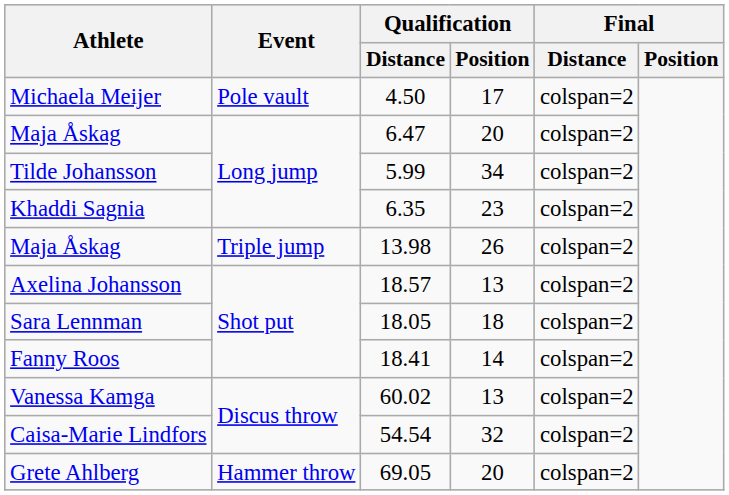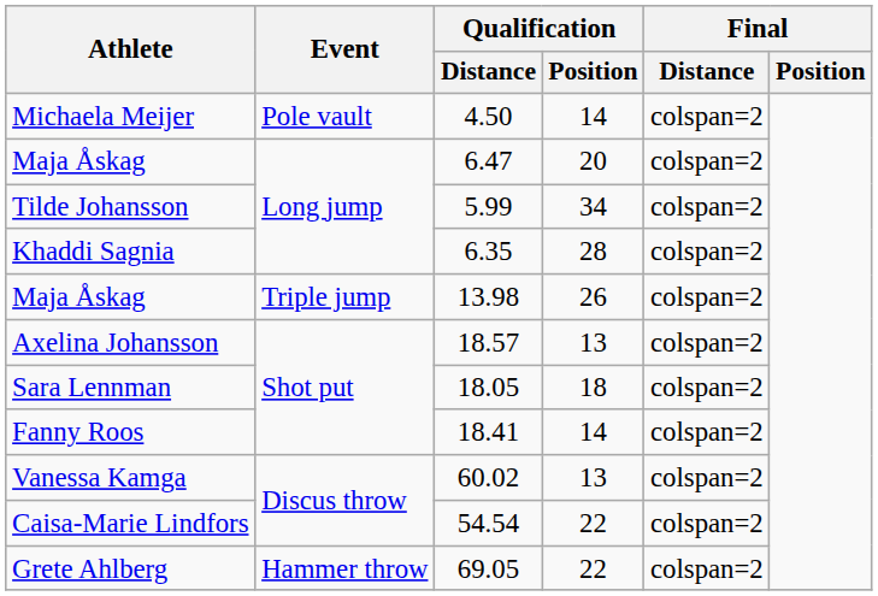 <table class="wikitable" style="font-size:90%">
 <tr>
 <th rowspan="2">Athlete</th>
 <th rowspan="2">Event</th>
 <th colspan="2">Qualification</th>
 <th colspan="2">Final</th>
 </tr>
 <tr style="font-size:95%">
 <th>Distance</th>
 <th>Position</th>
 <th>Distance</th>
 <th>Position</th>
 </tr>
 <tr align="center">
 <td align=left><a href='#'>Michaela Meijer</a></td>
 <td align=left><a href='#'>Pole vault</a></td>
 <td>4.50</td>
-<td>17</td>
+<td>14</td>
 <td>colspan=2 </td>
 </tr>
 <tr align="center">
 <td align=left><a href='#'>Maja Åskag</a></td>
 <td align=left rowspan=3><a href='#'>Long jump</a></td>
 <td>6.47</td>
 <td>20</td>
 <td>colspan=2 </td>
 </tr>
 <tr align="center">
 <td align=left><a href='#'>Tilde Johansson</a></td>
 <td>5.99</td>
 <td>34</td>
 <td>colspan=2 </td>
 </tr>
 <tr align="center">
 <td align=left><a href='#'>Khaddi Sagnia</a></td>
 <td>6.35</td>
-<td>23</td>
+<td>28</td>
 <td>colspan=2 </td>
 </tr>
 <tr align="center">
 <td align=left><a href='#'>Maja Åskag</a></td>
 <td align=left><a href='#'>Triple jump</a></td>
 <td>13.98</td>
 <td>26</td>
 <td>colspan=2 </td>
 </tr>
 <tr align="center">
 <td align=left><a href='#'>Axelina Johansson</a></td>
 <td align=left rowspan=3><a href='#'>Shot put</a></td>
 <td>18.57</td>
 <td>13</td>
 <td>colspan=2 </td>
 </tr>
 <tr align="center">
 <td align=left><a href='#'>Sara Lennman</a></td>
 <td>18.05</td>
 <td>18</td>
 <td>colspan=2 </td>
 </tr>
 <tr align="center">
 <td align=left><a href='#'>Fanny Roos</a></td>
 <td>18.41</td>
 <td>14</td>
 <td>colspan=2 </td>
 </tr>
 <tr align="center">
 <td align=left><a href='#'>Vanessa Kamga</a></td>
 <td align=left rowspan=2><a href='#'>Discus throw</a></td>
 <td>60.02 </td>
 <td>13</td>
 <td>colspan=2 </td>
 </tr>
 <tr align="center">
 <td align=left><a href='#'>Caisa-Marie Lindfors</a></td>
 <td>54.54</td>
-<td>32</td>
+<td>22</td>
 <td>colspan=2 </td>
 </tr>
 <tr align="center">
 <td align=left><a href='#'>Grete Ahlberg</a></td>
 <td align=left><a href='#'>Hammer throw</a></td>
 <td>69.05</td>
-<td>20</td>
+<td>22</td>
 <td>colspan=2 </td>
 </tr>
 </table>
